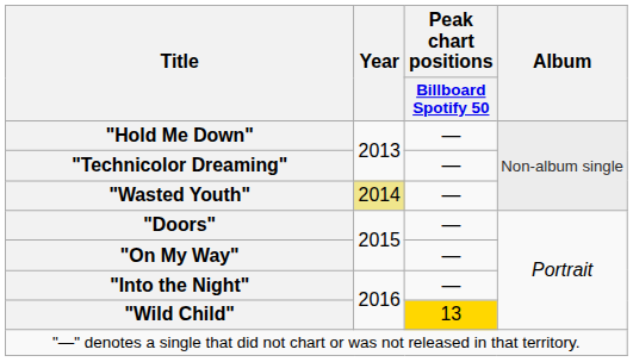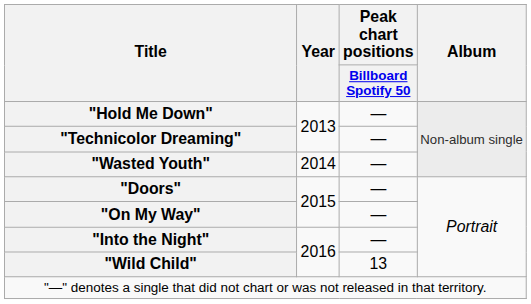 <table class="wikitable plainrowheaders" style="text-align:center;">
 <tr>
 <th scope="col" rowspan="2" style="width:18em;">Title</th>
 <th scope="col" rowspan="2" style="width:1em;">Year</th>
 <th scope="col" colspan="1">Peak chart positions</th>
 <th scope="col" rowspan="2">Album</th>
 </tr>
 <tr>
 <th scope="col" style="width:3em;font-size:85%;"><a href='#'>Billboard Spotify 50</a></th>
 </tr>
 <tr>
 <th scope="row">"Hold Me Down"</th>
 <td rowspan="2">2013</td>
 <td>—</td>
 <td rowspan="3" style="background: #ececec; color: #2C2C2C; vertical-align: middle; font-size: smaller; text-align: center; " class="table-na">Non-album single</td>
 </tr>
 <tr>
 <th scope="row">"Technicolor Dreaming"</th>
 <td>—</td>
 </tr>
 <tr>
 <th scope="row">"Wasted Youth"</th>
-<td style="background: khaki;">2014</td>
+<td>2014</td>
 <td>—</td>
 </tr>
 <tr>
 <th scope="row">"Doors"</th>
 <td rowspan="2">2015</td>
 <td>—</td>
 <td rowspan="4"><em>Portrait</em></td>
 </tr>
 <tr>
 <th scope="row">"On My Way"</th>
 <td>—</td>
 </tr>
 <tr>
 <th scope="row">"Into the Night"</th>
 <td rowspan="2">2016</td>
 <td>—</td>
 </tr>
 <tr>
 <th scope="row">"Wild Child"</th>
-<td style="background: gold;">13</td>
+<td>13</td>
 </tr>
 <tr>
 <td colspan="20" style="font-size:85%">"—" denotes a single that did not chart or was not released in that territory.</td>
 </tr>
 </table>
